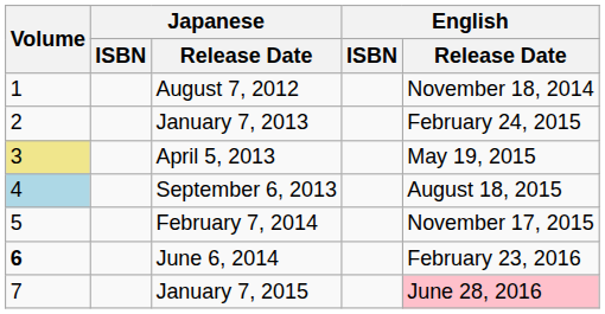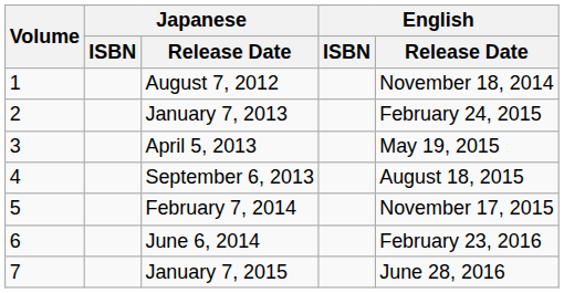 <table class="wikitable">
 <tr>
 <th rowspan="2">Volume</th>
 <th colspan="2">Japanese</th>
 <th colspan="2">English</th>
 </tr>
 <tr>
 <th>ISBN</th>
 <th>Release Date</th>
 <th>ISBN</th>
 <th>Release Date</th>
 </tr>
 <tr>
 <td>1</td>
 <td></td>
 <td>August 7, 2012</td>
 <td></td>
 <td>November 18, 2014</td>
 </tr>
 <tr>
 <td>2</td>
 <td></td>
 <td>January 7, 2013</td>
 <td></td>
 <td>February 24, 2015</td>
 </tr>
 <tr>
-<td style="background: khaki;">3</td>
+<td>3</td>
 <td></td>
 <td>April 5, 2013</td>
 <td></td>
 <td>May 19, 2015</td>
 </tr>
 <tr>
-<td style="background: lightblue;">4</td>
+<td>4</td>
 <td></td>
 <td>September 6, 2013</td>
 <td></td>
 <td>August 18, 2015</td>
 </tr>
 <tr>
 <td>5</td>
 <td></td>
 <td>February 7, 2014</td>
 <td></td>
 <td>November 17, 2015</td>
 </tr>
 <tr>
-<td><strong>6</strong></td>
+<td>6</td>
 <td></td>
 <td>June 6, 2014</td>
 <td></td>
 <td>February 23, 2016</td>
 </tr>
 <tr>
 <td>7</td>
 <td></td>
 <td>January 7, 2015</td>
 <td></td>
-<td style="background: pink;">June 28, 2016</td>
+<td>June 28, 2016</td>
 </tr>
 </table>
